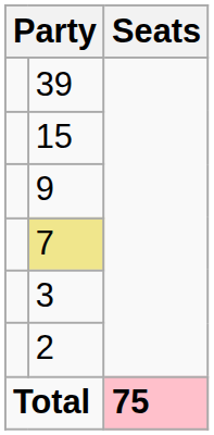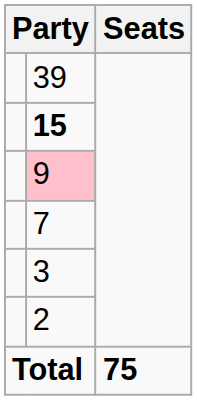 <table class="wikitable">
 <tr>
 <th colspan=2>Party</th>
 <th>Seats</th>
 </tr>
 <tr>
 <td></td>
 <td>39</td>
 </tr>
 <tr>
 <td></td>
-<td>15</td>
+<td><strong>15</strong></td>
 </tr>
 <tr>
 <td></td>
-<td>9</td>
+<td style="background: pink;">9</td>
 </tr>
 <tr>
 <td></td>
-<td style="background: khaki;">7</td>
+<td>7</td>
 </tr>
 <tr>
 <td></td>
 <td>3</td>
 </tr>
 <tr>
 <td></td>
 <td>2</td>
 </tr>
 <tr>
 <td colspan="2"><strong>Total</strong></td>
-<td style="background: pink;"><strong>75</strong></td>
+<td><strong>75</strong></td>
 </tr>
 </table>
